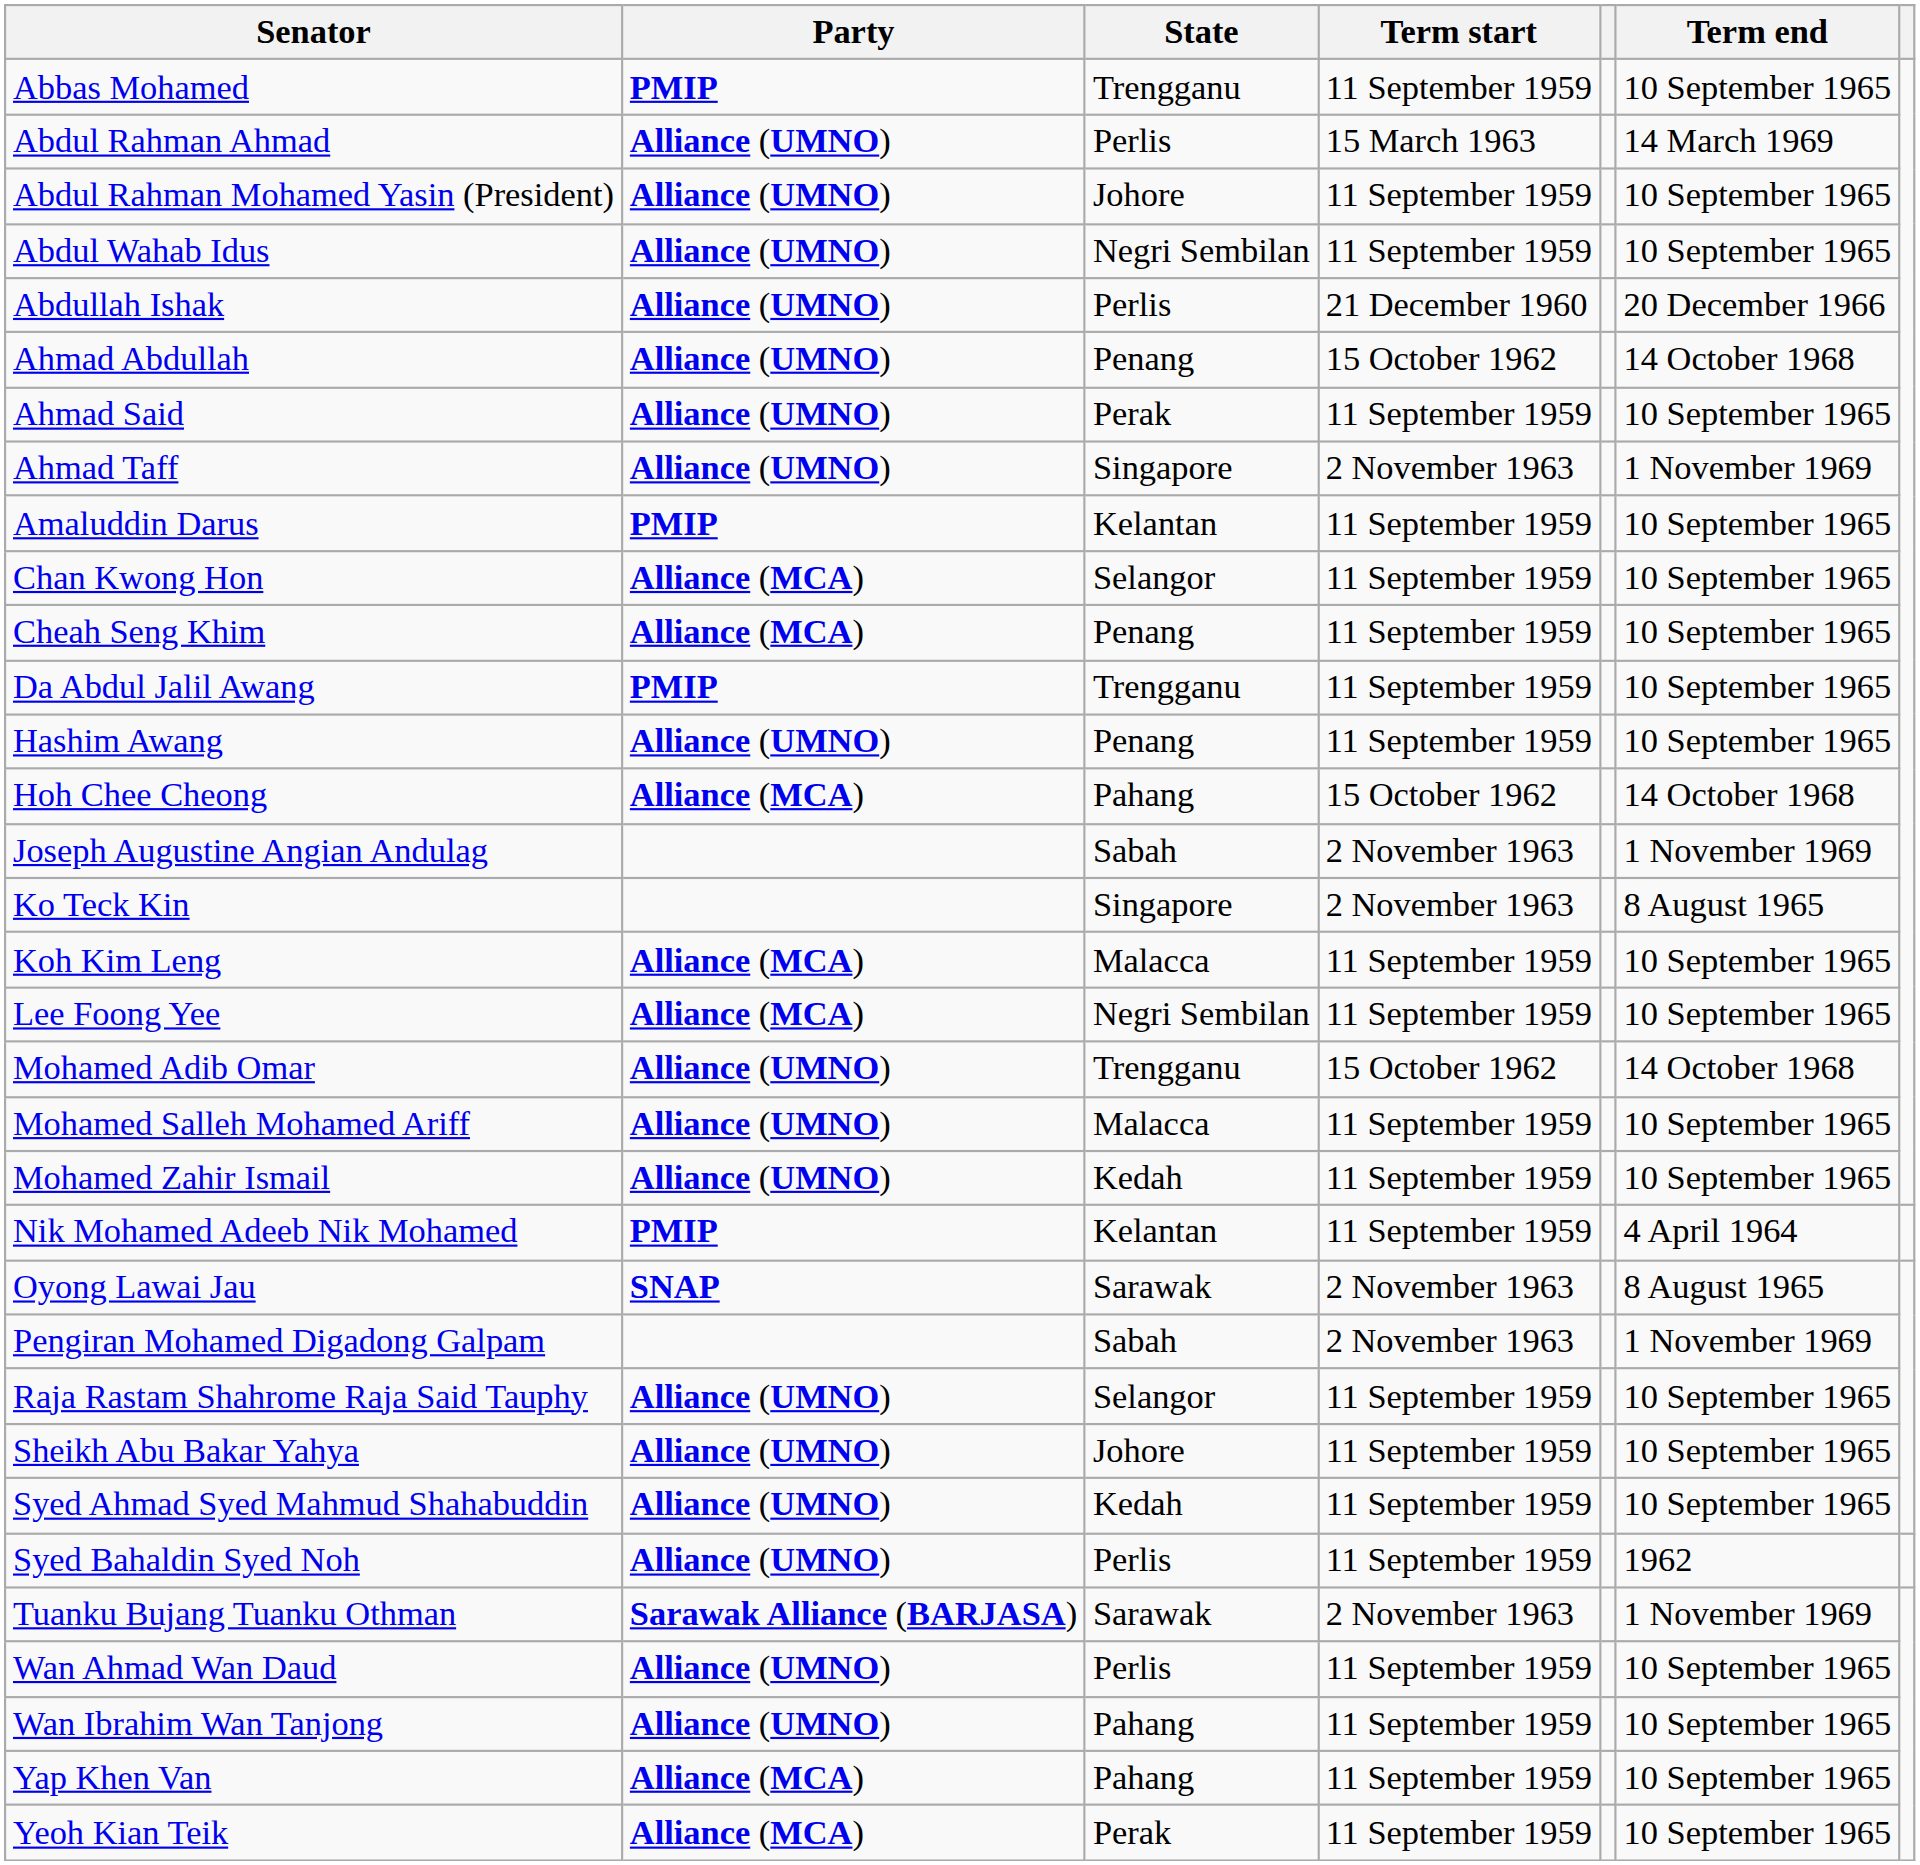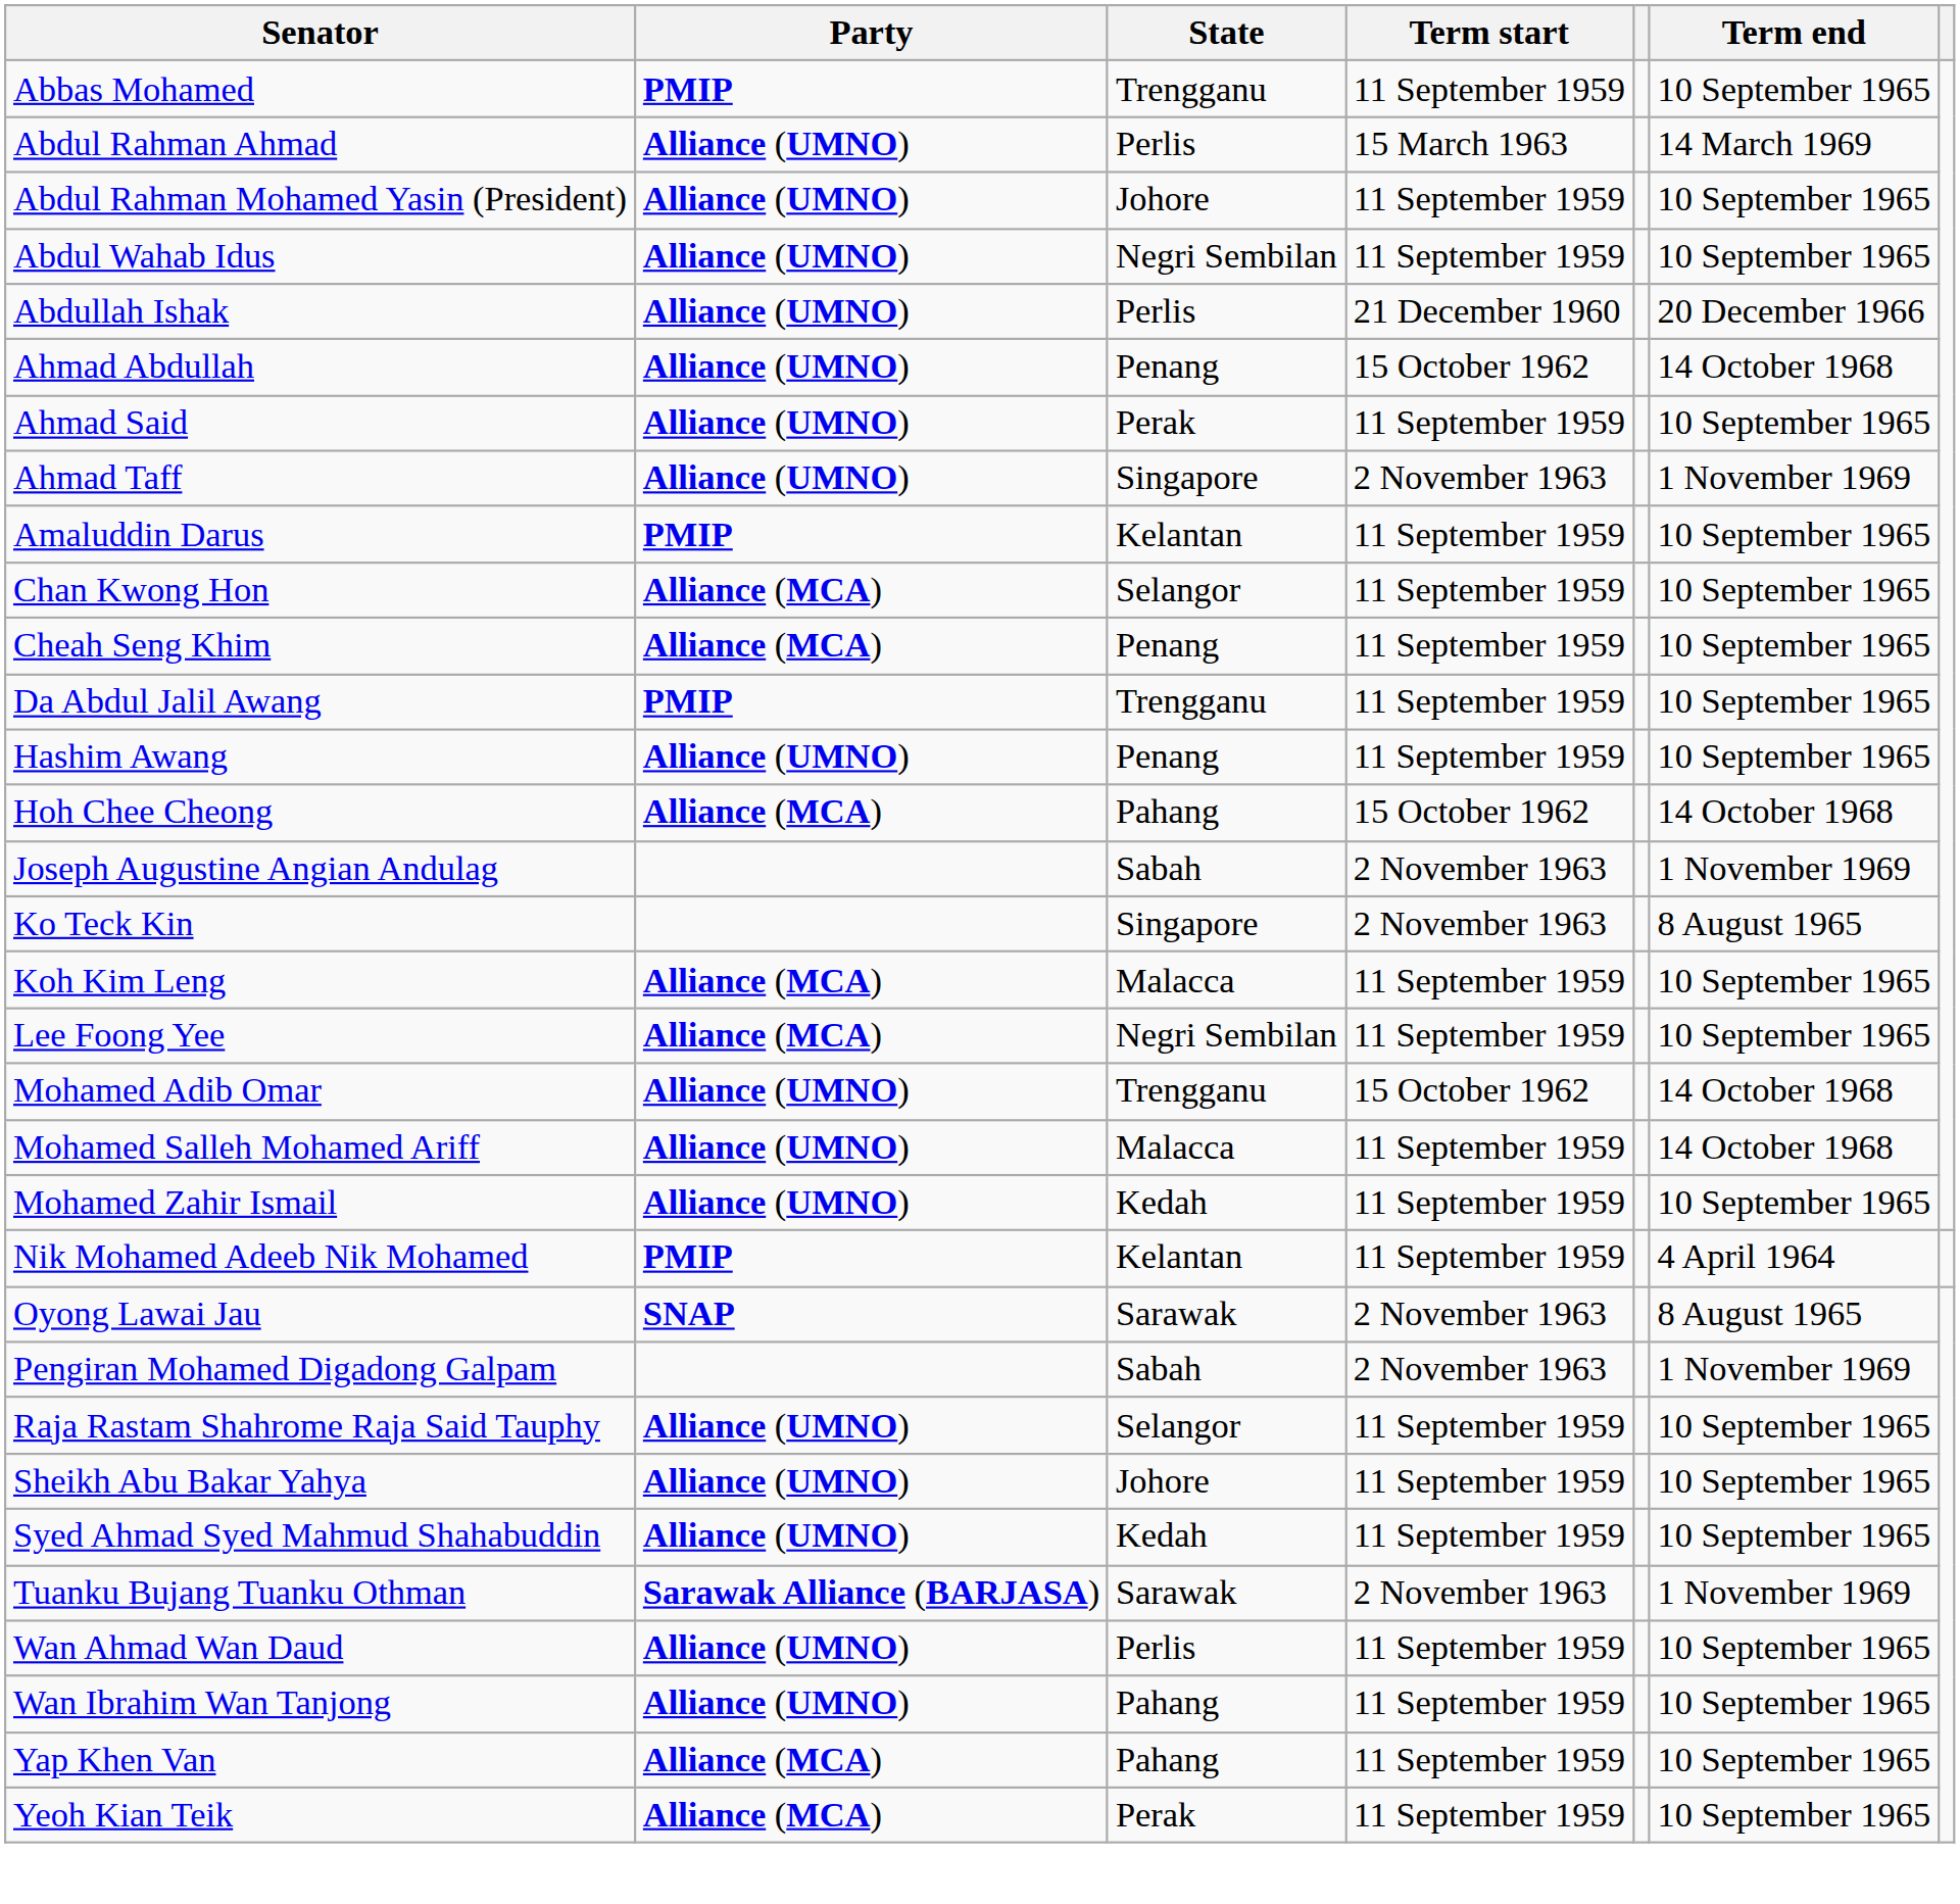 <table class="wikitable sortable">
 <tr>
 <th>Senator</th>
 <th>Party</th>
 <th>State</th>
 <th>Term start</th>
 <th></th>
 <th>Term end</th>
 <th></th>
 </tr>
 <tr>
 <td><a href='#'>Abbas Mohamed</a></td>
 <td><strong><a href='#'>PMIP</a></strong></td>
 <td>Trengganu</td>
 <td>11 September 1959</td>
 <td></td>
 <td>10 September 1965</td>
 </tr>
 <tr>
 <td><a href='#'>Abdul Rahman Ahmad</a></td>
 <td><strong><a href='#'>Alliance</a></strong> (<strong><a href='#'>UMNO</a></strong>)</td>
 <td>Perlis</td>
 <td>15 March 1963</td>
 <td></td>
 <td>14 March 1969</td>
 </tr>
 <tr>
 <td><a href='#'>Abdul Rahman Mohamed Yasin</a> (President)</td>
 <td><strong><a href='#'>Alliance</a></strong> (<strong><a href='#'>UMNO</a></strong>)</td>
 <td>Johore</td>
 <td>11 September 1959</td>
 <td></td>
 <td>10 September 1965</td>
 </tr>
 <tr>
 <td><a href='#'>Abdul Wahab Idus</a></td>
 <td><strong><a href='#'>Alliance</a></strong> (<strong><a href='#'>UMNO</a></strong>)</td>
 <td>Negri Sembilan</td>
 <td>11 September 1959</td>
 <td></td>
 <td>10 September 1965</td>
 </tr>
 <tr>
 <td><a href='#'>Abdullah Ishak</a></td>
 <td><strong><a href='#'>Alliance</a></strong> (<strong><a href='#'>UMNO</a></strong>)</td>
 <td>Perlis</td>
 <td>21 December 1960</td>
 <td></td>
 <td>20 December 1966</td>
 </tr>
 <tr>
 <td><a href='#'>Ahmad Abdullah</a></td>
 <td><strong><a href='#'>Alliance</a></strong> (<strong><a href='#'>UMNO</a></strong>)</td>
 <td>Penang</td>
 <td>15 October 1962</td>
 <td></td>
 <td>14 October 1968</td>
 </tr>
 <tr>
 <td><a href='#'>Ahmad Said</a></td>
 <td><strong><a href='#'>Alliance</a></strong> (<strong><a href='#'>UMNO</a></strong>)</td>
 <td>Perak</td>
 <td>11 September 1959</td>
 <td></td>
 <td>10 September 1965</td>
 </tr>
 <tr>
 <td><a href='#'>Ahmad Taff</a></td>
 <td><strong><a href='#'>Alliance</a></strong> (<strong><a href='#'>UMNO</a></strong>)</td>
 <td>Singapore</td>
 <td>2 November 1963</td>
 <td></td>
 <td>1 November 1969</td>
 </tr>
 <tr>
 <td><a href='#'>Amaluddin Darus</a></td>
 <td><strong><a href='#'>PMIP</a></strong></td>
 <td>Kelantan</td>
 <td>11 September 1959</td>
 <td></td>
 <td>10 September 1965</td>
 </tr>
 <tr>
 <td><a href='#'>Chan Kwong Hon</a></td>
 <td><strong><a href='#'>Alliance</a></strong> (<strong><a href='#'>MCA</a></strong>)</td>
 <td>Selangor</td>
 <td>11 September 1959</td>
 <td></td>
 <td>10 September 1965</td>
 </tr>
 <tr>
 <td><a href='#'>Cheah Seng Khim</a></td>
 <td><strong><a href='#'>Alliance</a></strong> (<strong><a href='#'>MCA</a></strong>)</td>
 <td>Penang</td>
 <td>11 September 1959</td>
 <td></td>
 <td>10 September 1965</td>
 </tr>
 <tr>
 <td><a href='#'>Da Abdul Jalil Awang</a></td>
 <td><strong><a href='#'>PMIP</a></strong></td>
 <td>Trengganu</td>
 <td>11 September 1959</td>
 <td></td>
 <td>10 September 1965</td>
 </tr>
 <tr>
 <td><a href='#'>Hashim Awang</a></td>
 <td><strong><a href='#'>Alliance</a></strong> (<strong><a href='#'>UMNO</a></strong>)</td>
 <td>Penang</td>
 <td>11 September 1959</td>
 <td></td>
 <td>10 September 1965</td>
 </tr>
 <tr>
 <td><a href='#'>Hoh Chee Cheong</a></td>
 <td><strong><a href='#'>Alliance</a></strong> (<strong><a href='#'>MCA</a></strong>)</td>
 <td>Pahang</td>
 <td>15 October 1962</td>
 <td></td>
 <td>14 October 1968</td>
 </tr>
 <tr>
 <td><a href='#'>Joseph Augustine Angian Andulag</a></td>
 <td></td>
 <td>Sabah</td>
 <td>2 November 1963</td>
 <td></td>
 <td>1 November 1969</td>
 </tr>
 <tr>
 <td><a href='#'>Ko Teck Kin</a></td>
 <td></td>
 <td>Singapore</td>
 <td>2 November 1963</td>
 <td></td>
 <td>8 August 1965</td>
 </tr>
 <tr>
 <td><a href='#'>Koh Kim Leng</a></td>
 <td><strong><a href='#'>Alliance</a></strong> (<strong><a href='#'>MCA</a></strong>)</td>
 <td>Malacca</td>
 <td>11 September 1959</td>
 <td></td>
 <td>10 September 1965</td>
 </tr>
 <tr>
 <td><a href='#'>Lee Foong Yee</a></td>
 <td><strong><a href='#'>Alliance</a></strong> (<strong><a href='#'>MCA</a></strong>)</td>
 <td>Negri Sembilan</td>
 <td>11 September 1959</td>
 <td></td>
 <td>10 September 1965</td>
 </tr>
 <tr>
 <td><a href='#'>Mohamed Adib Omar</a></td>
 <td><strong><a href='#'>Alliance</a></strong> (<strong><a href='#'>UMNO</a></strong>)</td>
 <td>Trengganu</td>
 <td>15 October 1962</td>
 <td></td>
 <td>14 October 1968</td>
 </tr>
 <tr>
 <td><a href='#'>Mohamed Salleh Mohamed Ariff</a></td>
 <td><strong><a href='#'>Alliance</a></strong> (<strong><a href='#'>UMNO</a></strong>)</td>
 <td>Malacca</td>
 <td>11 September 1959</td>
 <td></td>
-<td>10 September 1965</td>
+<td>14 October 1968</td>
 </tr>
 <tr>
 <td><a href='#'>Mohamed Zahir Ismail</a></td>
 <td><strong><a href='#'>Alliance</a></strong> (<strong><a href='#'>UMNO</a></strong>)</td>
 <td>Kedah</td>
 <td>11 September 1959</td>
 <td></td>
 <td>10 September 1965</td>
 </tr>
 <tr>
 <td><a href='#'>Nik Mohamed Adeeb Nik Mohamed</a></td>
 <td><strong><a href='#'>PMIP</a></strong></td>
 <td>Kelantan</td>
 <td>11 September 1959</td>
 <td></td>
 <td>4 April 1964</td>
 <td></td>
 </tr>
 <tr>
 <td><a href='#'>Oyong Lawai Jau</a></td>
 <td><strong><a href='#'>SNAP</a></strong></td>
 <td>Sarawak</td>
 <td>2 November 1963</td>
 <td></td>
 <td>8 August 1965</td>
 </tr>
 <tr>
 <td><a href='#'>Pengiran Mohamed Digadong Galpam</a></td>
 <td></td>
 <td>Sabah</td>
 <td>2 November 1963</td>
 <td></td>
 <td>1 November 1969</td>
 </tr>
 <tr>
 <td><a href='#'>Raja Rastam Shahrome Raja Said Tauphy</a></td>
 <td><strong><a href='#'>Alliance</a></strong> (<strong><a href='#'>UMNO</a></strong>)</td>
 <td>Selangor</td>
 <td>11 September 1959</td>
 <td></td>
 <td>10 September 1965</td>
 </tr>
 <tr>
 <td><a href='#'>Sheikh Abu Bakar Yahya</a></td>
 <td><strong><a href='#'>Alliance</a></strong> (<strong><a href='#'>UMNO</a></strong>)</td>
 <td>Johore</td>
 <td>11 September 1959</td>
 <td></td>
 <td>10 September 1965</td>
 </tr>
 <tr>
 <td><a href='#'>Syed Ahmad Syed Mahmud Shahabuddin</a></td>
 <td><strong><a href='#'>Alliance</a></strong> (<strong><a href='#'>UMNO</a></strong>)</td>
 <td>Kedah</td>
 <td>11 September 1959</td>
 <td></td>
 <td>10 September 1965</td>
 </tr>
 <tr>
-<td><a href='#'>Syed Bahaldin Syed Noh</a></td>
-<td><strong><a href='#'>Alliance</a></strong> (<strong><a href='#'>UMNO</a></strong>)</td>
-<td>Perlis</td>
-<td>11 September 1959</td>
-<td></td>
-<td>1962</td>
-<td></td>
-</tr>
-<tr>
 <td><a href='#'>Tuanku Bujang Tuanku Othman</a></td>
 <td><strong><a href='#'>Sarawak Alliance</a></strong> (<strong><a href='#'>BARJASA</a></strong>)</td>
 <td>Sarawak</td>
 <td>2 November 1963</td>
 <td></td>
 <td>1 November 1969</td>
 </tr>
 <tr>
 <td><a href='#'>Wan Ahmad Wan Daud</a></td>
 <td><strong><a href='#'>Alliance</a></strong> (<strong><a href='#'>UMNO</a></strong>)</td>
 <td>Perlis</td>
 <td>11 September 1959</td>
 <td></td>
 <td>10 September 1965</td>
 </tr>
 <tr>
 <td><a href='#'>Wan Ibrahim Wan Tanjong</a></td>
 <td><strong><a href='#'>Alliance</a></strong> (<strong><a href='#'>UMNO</a></strong>)</td>
 <td>Pahang</td>
 <td>11 September 1959</td>
 <td></td>
 <td>10 September 1965</td>
 </tr>
 <tr>
 <td><a href='#'>Yap Khen Van</a></td>
 <td><strong><a href='#'>Alliance</a></strong> (<strong><a href='#'>MCA</a></strong>)</td>
 <td>Pahang</td>
 <td>11 September 1959</td>
 <td></td>
 <td>10 September 1965</td>
 </tr>
 <tr>
 <td><a href='#'>Yeoh Kian Teik</a></td>
 <td><strong><a href='#'>Alliance</a></strong> (<strong><a href='#'>MCA</a></strong>)</td>
 <td>Perak</td>
 <td>11 September 1959</td>
 <td></td>
 <td>10 September 1965</td>
 </tr>
 </table>
